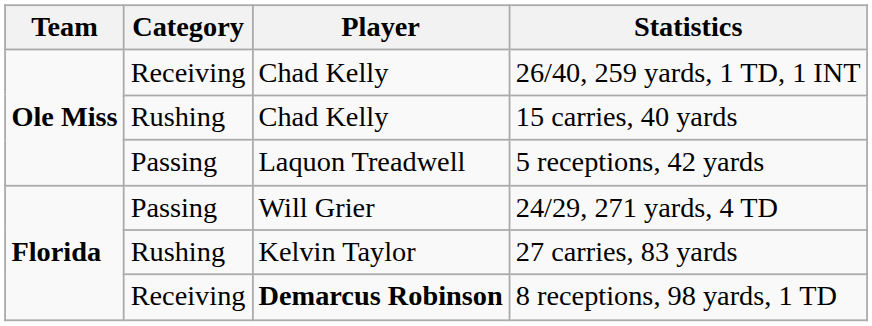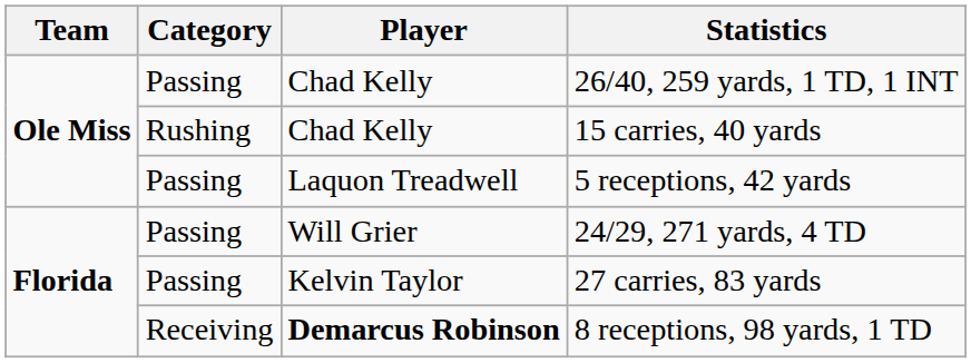 <table class="wikitable" style="float: right;">
 <tr>
 <th>Team</th>
 <th>Category</th>
 <th>Player</th>
 <th>Statistics</th>
 </tr>
 <tr>
 <td rowspan=3><strong>Ole Miss</strong></td>
-<td>Receiving</td>
+<td>Passing</td>
 <td>Chad Kelly</td>
 <td>26/40, 259 yards, 1 TD, 1 INT</td>
 </tr>
 <tr>
 <td>Rushing</td>
 <td>Chad Kelly</td>
 <td>15 carries, 40 yards</td>
 </tr>
 <tr>
 <td>Passing</td>
 <td>Laquon Treadwell</td>
 <td>5 receptions, 42 yards</td>
 </tr>
 <tr>
 <td rowspan=3><strong>Florida</strong></td>
 <td>Passing</td>
 <td>Will Grier</td>
 <td>24/29, 271 yards, 4 TD</td>
 </tr>
 <tr>
-<td>Rushing</td>
+<td>Passing</td>
 <td>Kelvin Taylor</td>
 <td>27 carries, 83 yards</td>
 </tr>
 <tr>
 <td>Receiving</td>
 <td><strong>Demarcus Robinson</strong></td>
 <td>8 receptions, 98 yards, 1 TD</td>
 </tr>
 </table>
